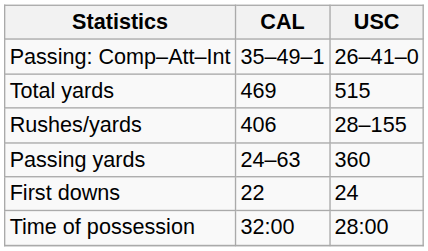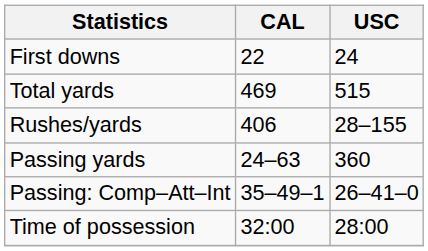 <table class="wikitable" style="float: left;">
 <tr>
 <th>Statistics</th>
 <th>CAL</th>
 <th>USC</th>
 </tr>
 <tr>
-<td>Passing: Comp–Att–Int</td>
-<td>35–49–1</td>
-<td>26–41–0</td>
+<td>First downs</td>
+<td>22</td>
+<td>24</td>
 </tr>
 <tr>
 <td>Total yards</td>
 <td>469</td>
 <td>515</td>
 </tr>
 <tr>
 <td>Rushes/yards</td>
 <td>406</td>
 <td>28–155</td>
 </tr>
 <tr>
 <td>Passing yards</td>
 <td>24–63</td>
 <td>360</td>
 </tr>
 <tr>
-<td>First downs</td>
-<td>22</td>
-<td>24</td>
+<td>Passing: Comp–Att–Int</td>
+<td>35–49–1</td>
+<td>26–41–0</td>
 </tr>
 <tr>
 <td>Time of possession</td>
 <td>32:00</td>
 <td>28:00</td>
 </tr>
 <tr>
 </tr>
 </table>
